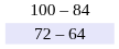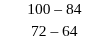 <table style="text-align:center;">
 <tr>
 <th width=200></th>
 <th width=100></th>
 <th width=200></th>
 <th></th>
 </tr>
 <tr>
 <td align=right><strong></strong></td>
 <td>100 – 84</td>
 <td align=left></td>
 </tr>
 <tr>
 <td align=right><strong></strong></td>
-<td style="background: lavender;">72 – 64</td>
+<td>72 – 64</td>
 <td align=left></td>
 </tr>
 </table>
